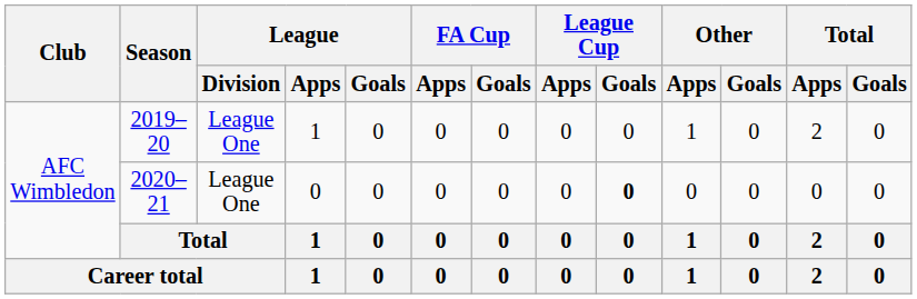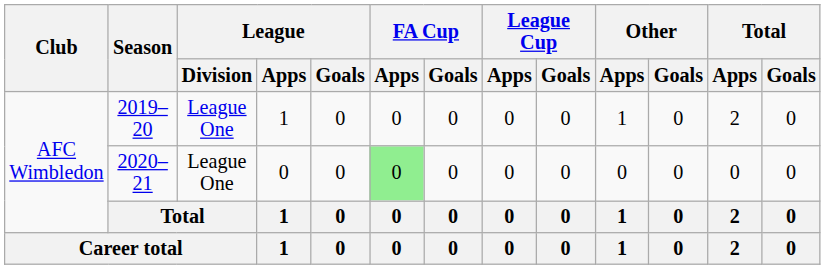 <table class="wikitable" style="text-align: center">
 <tr>
 <th rowspan="2">Club</th>
 <th rowspan="2">Season</th>
 <th colspan="3">League</th>
 <th colspan="2"><a href='#'>FA Cup</a></th>
 <th colspan="2"><a href='#'>League Cup</a></th>
 <th colspan="2">Other</th>
 <th colspan="2">Total</th>
 </tr>
 <tr>
 <th>Division</th>
 <th>Apps</th>
 <th>Goals</th>
 <th>Apps</th>
 <th>Goals</th>
 <th>Apps</th>
 <th>Goals</th>
 <th>Apps</th>
 <th>Goals</th>
 <th>Apps</th>
 <th>Goals</th>
 </tr>
 <tr>
 <td rowspan="3"><a href='#'>AFC Wimbledon</a></td>
 <td><a href='#'>2019–20</a></td>
 <td><a href='#'>League One</a></td>
 <td>1</td>
 <td>0</td>
 <td>0</td>
 <td>0</td>
 <td>0</td>
 <td>0</td>
 <td>1</td>
 <td>0</td>
 <td>2</td>
 <td>0</td>
 </tr>
 <tr>
 <td><a href='#'>2020–21</a></td>
 <td>League One</td>
 <td>0</td>
 <td>0</td>
+<td style="background: lightgreen;">0</td>
 <td>0</td>
 <td>0</td>
 <td>0</td>
-<td><strong>0</strong></td>
 <td>0</td>
 <td>0</td>
 <td>0</td>
 <td>0</td>
 </tr>
 <tr>
 <th colspan="2">Total</th>
 <th>1</th>
 <th>0</th>
 <th>0</th>
 <th>0</th>
 <th>0</th>
 <th>0</th>
 <th>1</th>
 <th>0</th>
 <th>2</th>
 <th>0</th>
 </tr>
 <tr>
 <th colspan="3">Career total</th>
 <th>1</th>
 <th>0</th>
 <th>0</th>
 <th>0</th>
 <th>0</th>
 <th>0</th>
 <th>1</th>
 <th>0</th>
 <th>2</th>
 <th>0</th>
 </tr>
 </table>
